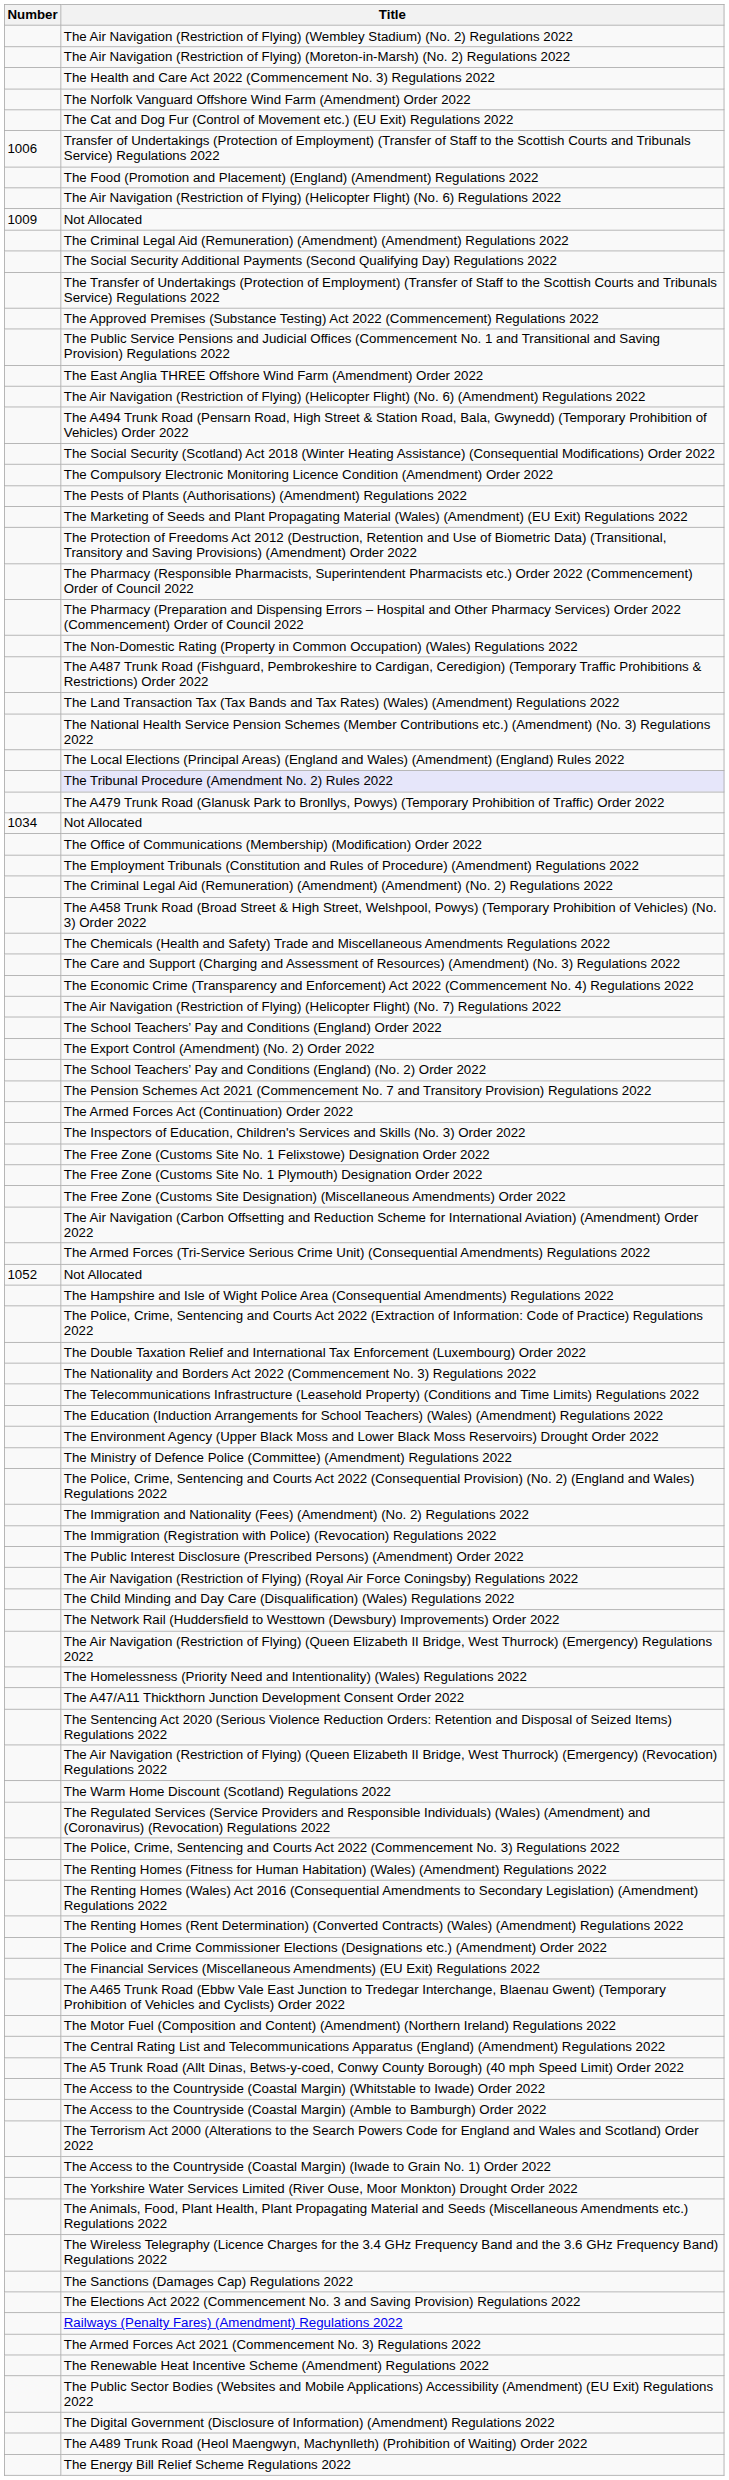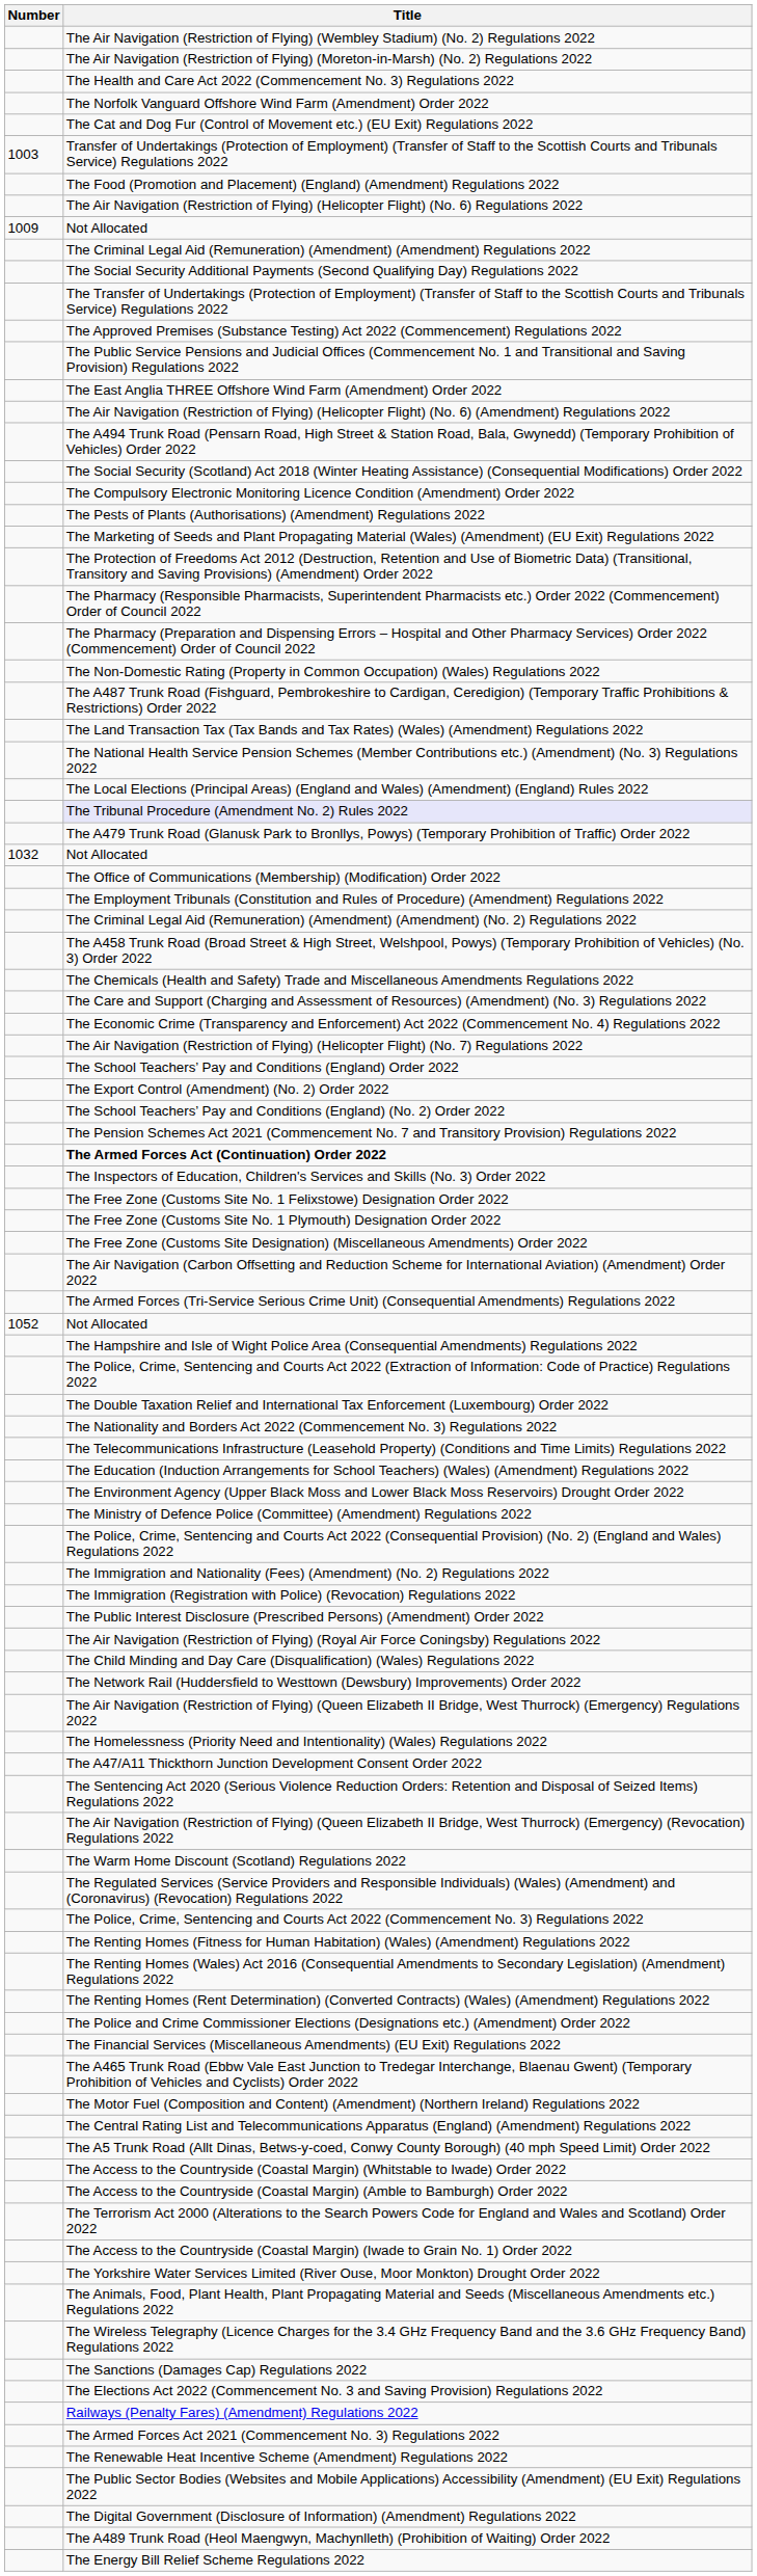 <table class="wikitable collapsible">
 <tr>
 <th>Number</th>
 <th>Title</th>
 </tr>
 <tr>
 <td></td>
 <td>The Air Navigation (Restriction of Flying) (Wembley Stadium) (No. 2) Regulations 2022</td>
 </tr>
 <tr>
 <td></td>
 <td>The Air Navigation (Restriction of Flying) (Moreton-in-Marsh) (No. 2) Regulations 2022</td>
 </tr>
 <tr>
 <td></td>
 <td>The Health and Care Act 2022 (Commencement No. 3) Regulations 2022</td>
 </tr>
 <tr>
 <td></td>
 <td>The Norfolk Vanguard Offshore Wind Farm (Amendment) Order 2022</td>
 </tr>
 <tr>
 <td></td>
 <td>The Cat and Dog Fur (Control of Movement etc.) (EU Exit) Regulations 2022</td>
 </tr>
 <tr>
-<td>1006</td>
+<td>1003</td>
 <td>Transfer of Undertakings (Protection of Employment) (Transfer of Staff to the Scottish Courts and Tribunals Service) Regulations 2022</td>
 </tr>
 <tr>
 <td></td>
 <td>The Food (Promotion and Placement) (England) (Amendment) Regulations 2022</td>
 </tr>
 <tr>
 <td></td>
 <td>The Air Navigation (Restriction of Flying) (Helicopter Flight) (No. 6) Regulations 2022</td>
 </tr>
 <tr>
 <td>1009</td>
 <td>Not Allocated</td>
 </tr>
 <tr>
 <td></td>
 <td>The Criminal Legal Aid (Remuneration) (Amendment) (Amendment) Regulations 2022</td>
 </tr>
 <tr>
 <td></td>
 <td>The Social Security Additional Payments (Second Qualifying Day) Regulations 2022</td>
 </tr>
 <tr>
 <td></td>
 <td>The Transfer of Undertakings (Protection of Employment) (Transfer of Staff to the Scottish Courts and Tribunals Service) Regulations 2022</td>
 </tr>
 <tr>
 <td></td>
 <td>The Approved Premises (Substance Testing) Act 2022 (Commencement) Regulations 2022</td>
 </tr>
 <tr>
 <td></td>
 <td>The Public Service Pensions and Judicial Offices (Commencement No. 1 and Transitional and Saving Provision) Regulations 2022</td>
 </tr>
 <tr>
 <td></td>
 <td>The East Anglia THREE Offshore Wind Farm (Amendment) Order 2022</td>
 </tr>
 <tr>
 <td></td>
 <td>The Air Navigation (Restriction of Flying) (Helicopter Flight) (No. 6) (Amendment) Regulations 2022</td>
 </tr>
 <tr>
 <td></td>
 <td>The A494 Trunk Road (Pensarn Road, High Street & Station Road, Bala, Gwynedd) (Temporary Prohibition of Vehicles) Order 2022</td>
 </tr>
 <tr>
 <td></td>
 <td>The Social Security (Scotland) Act 2018 (Winter Heating Assistance) (Consequential Modifications) Order 2022</td>
 </tr>
 <tr>
 <td></td>
 <td>The Compulsory Electronic Monitoring Licence Condition (Amendment) Order 2022</td>
 </tr>
 <tr>
 <td></td>
 <td>The Pests of Plants (Authorisations) (Amendment) Regulations 2022</td>
 </tr>
 <tr>
 <td></td>
 <td>The Marketing of Seeds and Plant Propagating Material (Wales) (Amendment) (EU Exit) Regulations 2022</td>
 </tr>
 <tr>
 <td></td>
 <td>The Protection of Freedoms Act 2012 (Destruction, Retention and Use of Biometric Data) (Transitional, Transitory and Saving Provisions) (Amendment) Order 2022</td>
 </tr>
 <tr>
 <td></td>
 <td>The Pharmacy (Responsible Pharmacists, Superintendent Pharmacists etc.) Order 2022 (Commencement) Order of Council 2022</td>
 </tr>
 <tr>
 <td></td>
 <td>The Pharmacy (Preparation and Dispensing Errors – Hospital and Other Pharmacy Services) Order 2022 (Commencement) Order of Council 2022</td>
 </tr>
 <tr>
 <td></td>
 <td>The Non-Domestic Rating (Property in Common Occupation) (Wales) Regulations 2022</td>
 </tr>
 <tr>
 <td></td>
 <td>The A487 Trunk Road (Fishguard, Pembrokeshire to Cardigan, Ceredigion) (Temporary Traffic Prohibitions & Restrictions) Order 2022</td>
 </tr>
 <tr>
 <td></td>
 <td>The Land Transaction Tax (Tax Bands and Tax Rates) (Wales) (Amendment) Regulations 2022</td>
 </tr>
 <tr>
 <td></td>
 <td>The National Health Service Pension Schemes (Member Contributions etc.) (Amendment) (No. 3) Regulations 2022</td>
 </tr>
 <tr>
 <td></td>
 <td>The Local Elections (Principal Areas) (England and Wales) (Amendment) (England) Rules 2022</td>
 </tr>
 <tr>
 <td></td>
 <td style="background: lavender;">The Tribunal Procedure (Amendment No. 2) Rules 2022</td>
 </tr>
 <tr>
 <td></td>
 <td>The A479 Trunk Road (Glanusk Park to Bronllys, Powys) (Temporary Prohibition of Traffic) Order 2022</td>
 </tr>
 <tr>
-<td>1034</td>
+<td>1032</td>
 <td>Not Allocated</td>
 </tr>
 <tr>
 <td></td>
 <td>The Office of Communications (Membership) (Modification) Order 2022</td>
 </tr>
 <tr>
 <td></td>
 <td>The Employment Tribunals (Constitution and Rules of Procedure) (Amendment) Regulations 2022</td>
 </tr>
 <tr>
 <td></td>
 <td>The Criminal Legal Aid (Remuneration) (Amendment) (Amendment) (No. 2) Regulations 2022</td>
 </tr>
 <tr>
 <td></td>
 <td>The A458 Trunk Road (Broad Street & High Street, Welshpool, Powys) (Temporary Prohibition of Vehicles) (No. 3) Order 2022</td>
 </tr>
 <tr>
 <td></td>
 <td>The Chemicals (Health and Safety) Trade and Miscellaneous Amendments Regulations 2022</td>
 </tr>
 <tr>
 <td></td>
 <td>The Care and Support (Charging and Assessment of Resources) (Amendment) (No. 3) Regulations 2022</td>
 </tr>
 <tr>
 <td></td>
 <td>The Economic Crime (Transparency and Enforcement) Act 2022 (Commencement No. 4) Regulations 2022</td>
 </tr>
 <tr>
 <td></td>
 <td>The Air Navigation (Restriction of Flying) (Helicopter Flight) (No. 7) Regulations 2022</td>
 </tr>
 <tr>
 <td></td>
 <td>The School Teachers’ Pay and Conditions (England) Order 2022</td>
 </tr>
 <tr>
 <td></td>
 <td>The Export Control (Amendment) (No. 2) Order 2022</td>
 </tr>
 <tr>
 <td></td>
 <td>The School Teachers’ Pay and Conditions (England) (No. 2) Order 2022</td>
 </tr>
 <tr>
 <td></td>
 <td>The Pension Schemes Act 2021 (Commencement No. 7 and Transitory Provision) Regulations 2022</td>
 </tr>
 <tr>
 <td></td>
-<td>The Armed Forces Act (Continuation) Order 2022</td>
+<td><strong>The Armed Forces Act (Continuation) Order 2022</strong></td>
 </tr>
 <tr>
 <td></td>
 <td>The Inspectors of Education, Children's Services and Skills (No. 3) Order 2022</td>
 </tr>
 <tr>
 <td></td>
 <td>The Free Zone (Customs Site No. 1 Felixstowe) Designation Order 2022</td>
 </tr>
 <tr>
 <td></td>
 <td>The Free Zone (Customs Site No. 1 Plymouth) Designation Order 2022</td>
 </tr>
 <tr>
 <td></td>
 <td>The Free Zone (Customs Site Designation) (Miscellaneous Amendments) Order 2022</td>
 </tr>
 <tr>
 <td></td>
 <td>The Air Navigation (Carbon Offsetting and Reduction Scheme for International Aviation) (Amendment) Order 2022</td>
 </tr>
 <tr>
 <td></td>
 <td>The Armed Forces (Tri-Service Serious Crime Unit) (Consequential Amendments) Regulations 2022</td>
 </tr>
 <tr>
 <td>1052</td>
 <td>Not Allocated</td>
 </tr>
 <tr>
 <td></td>
 <td>The Hampshire and Isle of Wight Police Area (Consequential Amendments) Regulations 2022</td>
 </tr>
 <tr>
 <td></td>
 <td>The Police, Crime, Sentencing and Courts Act 2022 (Extraction of Information: Code of Practice) Regulations 2022</td>
 </tr>
 <tr>
 <td></td>
 <td>The Double Taxation Relief and International Tax Enforcement (Luxembourg) Order 2022</td>
 </tr>
 <tr>
 <td></td>
 <td>The Nationality and Borders Act 2022 (Commencement No. 3) Regulations 2022</td>
 </tr>
 <tr>
 <td></td>
 <td>The Telecommunications Infrastructure (Leasehold Property) (Conditions and Time Limits) Regulations 2022</td>
 </tr>
 <tr>
 <td></td>
 <td>The Education (Induction Arrangements for School Teachers) (Wales) (Amendment) Regulations 2022</td>
 </tr>
 <tr>
 <td></td>
 <td>The Environment Agency (Upper Black Moss and Lower Black Moss Reservoirs) Drought Order 2022</td>
 </tr>
 <tr>
 <td></td>
 <td>The Ministry of Defence Police (Committee) (Amendment) Regulations 2022</td>
 </tr>
 <tr>
 <td></td>
 <td>The Police, Crime, Sentencing and Courts Act 2022 (Consequential Provision) (No. 2) (England and Wales) Regulations 2022</td>
 </tr>
 <tr>
 <td></td>
 <td>The Immigration and Nationality (Fees) (Amendment) (No. 2) Regulations 2022</td>
 </tr>
 <tr>
 <td></td>
 <td>The Immigration (Registration with Police) (Revocation) Regulations 2022</td>
 </tr>
 <tr>
 <td></td>
 <td>The Public Interest Disclosure (Prescribed Persons) (Amendment) Order 2022</td>
 </tr>
 <tr>
 <td></td>
 <td>The Air Navigation (Restriction of Flying) (Royal Air Force Coningsby) Regulations 2022</td>
 </tr>
 <tr>
 <td></td>
 <td>The Child Minding and Day Care (Disqualification) (Wales) Regulations 2022</td>
 </tr>
 <tr>
 <td></td>
 <td>The Network Rail (Huddersfield to Westtown (Dewsbury) Improvements) Order 2022</td>
 </tr>
 <tr>
 <td></td>
 <td>The Air Navigation (Restriction of Flying) (Queen Elizabeth II Bridge, West Thurrock) (Emergency) Regulations 2022</td>
 </tr>
 <tr>
 <td></td>
 <td>The Homelessness (Priority Need and Intentionality) (Wales) Regulations 2022</td>
 </tr>
 <tr>
 <td></td>
 <td>The A47/A11 Thickthorn Junction Development Consent Order 2022</td>
 </tr>
 <tr>
 <td></td>
 <td>The Sentencing Act 2020 (Serious Violence Reduction Orders: Retention and Disposal of Seized Items) Regulations 2022</td>
 </tr>
 <tr>
 <td></td>
 <td>The Air Navigation (Restriction of Flying) (Queen Elizabeth II Bridge, West Thurrock) (Emergency) (Revocation) Regulations 2022</td>
 </tr>
 <tr>
 <td></td>
 <td>The Warm Home Discount (Scotland) Regulations 2022</td>
 </tr>
 <tr>
 <td></td>
 <td>The Regulated Services (Service Providers and Responsible Individuals) (Wales) (Amendment) and (Coronavirus) (Revocation) Regulations 2022</td>
 </tr>
 <tr>
 <td></td>
 <td>The Police, Crime, Sentencing and Courts Act 2022 (Commencement No. 3) Regulations 2022</td>
 </tr>
 <tr>
 <td></td>
 <td>The Renting Homes (Fitness for Human Habitation) (Wales) (Amendment) Regulations 2022</td>
 </tr>
 <tr>
 <td></td>
 <td>The Renting Homes (Wales) Act 2016 (Consequential Amendments to Secondary Legislation) (Amendment) Regulations 2022</td>
 </tr>
 <tr>
 <td></td>
 <td>The Renting Homes (Rent Determination) (Converted Contracts) (Wales) (Amendment) Regulations 2022</td>
 </tr>
 <tr>
 <td></td>
 <td>The Police and Crime Commissioner Elections (Designations etc.) (Amendment) Order 2022</td>
 </tr>
 <tr>
 <td></td>
 <td>The Financial Services (Miscellaneous Amendments) (EU Exit) Regulations 2022</td>
 </tr>
 <tr>
 <td></td>
 <td>The A465 Trunk Road (Ebbw Vale East Junction to Tredegar Interchange, Blaenau Gwent) (Temporary Prohibition of Vehicles and Cyclists) Order 2022</td>
 </tr>
 <tr>
 <td></td>
 <td>The Motor Fuel (Composition and Content) (Amendment) (Northern Ireland) Regulations 2022</td>
 </tr>
 <tr>
 <td></td>
 <td>The Central Rating List and Telecommunications Apparatus (England) (Amendment) Regulations 2022</td>
 </tr>
 <tr>
 <td></td>
 <td>The A5 Trunk Road (Allt Dinas, Betws-y-coed, Conwy County Borough) (40 mph Speed Limit) Order 2022</td>
 </tr>
 <tr>
 <td></td>
 <td>The Access to the Countryside (Coastal Margin) (Whitstable to Iwade) Order 2022</td>
 </tr>
 <tr>
 <td></td>
 <td>The Access to the Countryside (Coastal Margin) (Amble to Bamburgh) Order 2022</td>
 </tr>
 <tr>
 <td></td>
 <td>The Terrorism Act 2000 (Alterations to the Search Powers Code for England and Wales and Scotland) Order 2022</td>
 </tr>
 <tr>
 <td></td>
 <td>The Access to the Countryside (Coastal Margin) (Iwade to Grain No. 1) Order 2022</td>
 </tr>
 <tr>
 <td></td>
 <td>The Yorkshire Water Services Limited (River Ouse, Moor Monkton) Drought Order 2022</td>
 </tr>
 <tr>
 <td></td>
 <td>The Animals, Food, Plant Health, Plant Propagating Material and Seeds (Miscellaneous Amendments etc.) Regulations 2022</td>
 </tr>
 <tr>
 <td></td>
 <td>The Wireless Telegraphy (Licence Charges for the 3.4 GHz Frequency Band and the 3.6 GHz Frequency Band) Regulations 2022</td>
 </tr>
 <tr>
 <td></td>
 <td>The Sanctions (Damages Cap) Regulations 2022</td>
 </tr>
 <tr>
 <td></td>
 <td>The Elections Act 2022 (Commencement No. 3 and Saving Provision) Regulations 2022</td>
 </tr>
 <tr>
 <td></td>
 <td><a href='#'>Railways (Penalty Fares) (Amendment) Regulations 2022</a></td>
 </tr>
 <tr>
 <td></td>
 <td>The Armed Forces Act 2021 (Commencement No. 3) Regulations 2022</td>
 </tr>
 <tr>
 <td></td>
 <td>The Renewable Heat Incentive Scheme (Amendment) Regulations 2022</td>
 </tr>
 <tr>
 <td></td>
 <td>The Public Sector Bodies (Websites and Mobile Applications) Accessibility (Amendment) (EU Exit) Regulations 2022</td>
 </tr>
 <tr>
 <td></td>
 <td>The Digital Government (Disclosure of Information) (Amendment) Regulations 2022</td>
 </tr>
 <tr>
 <td></td>
 <td>The A489 Trunk Road (Heol Maengwyn, Machynlleth) (Prohibition of Waiting) Order 2022</td>
 </tr>
 <tr>
 <td></td>
 <td>The Energy Bill Relief Scheme Regulations 2022</td>
 </tr>
 </table>
